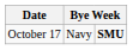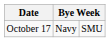 <table class="wikitable" style="font-size:95%;">
 <tr>
 <th>Date</th>
 <th colspan="2">Bye Week</th>
 </tr>
 <tr>
 <td>October 17</td>
 <td>Navy</td>
-<td><strong>SMU</strong></td>
+<td>SMU</td>
 </tr>
 </table>
